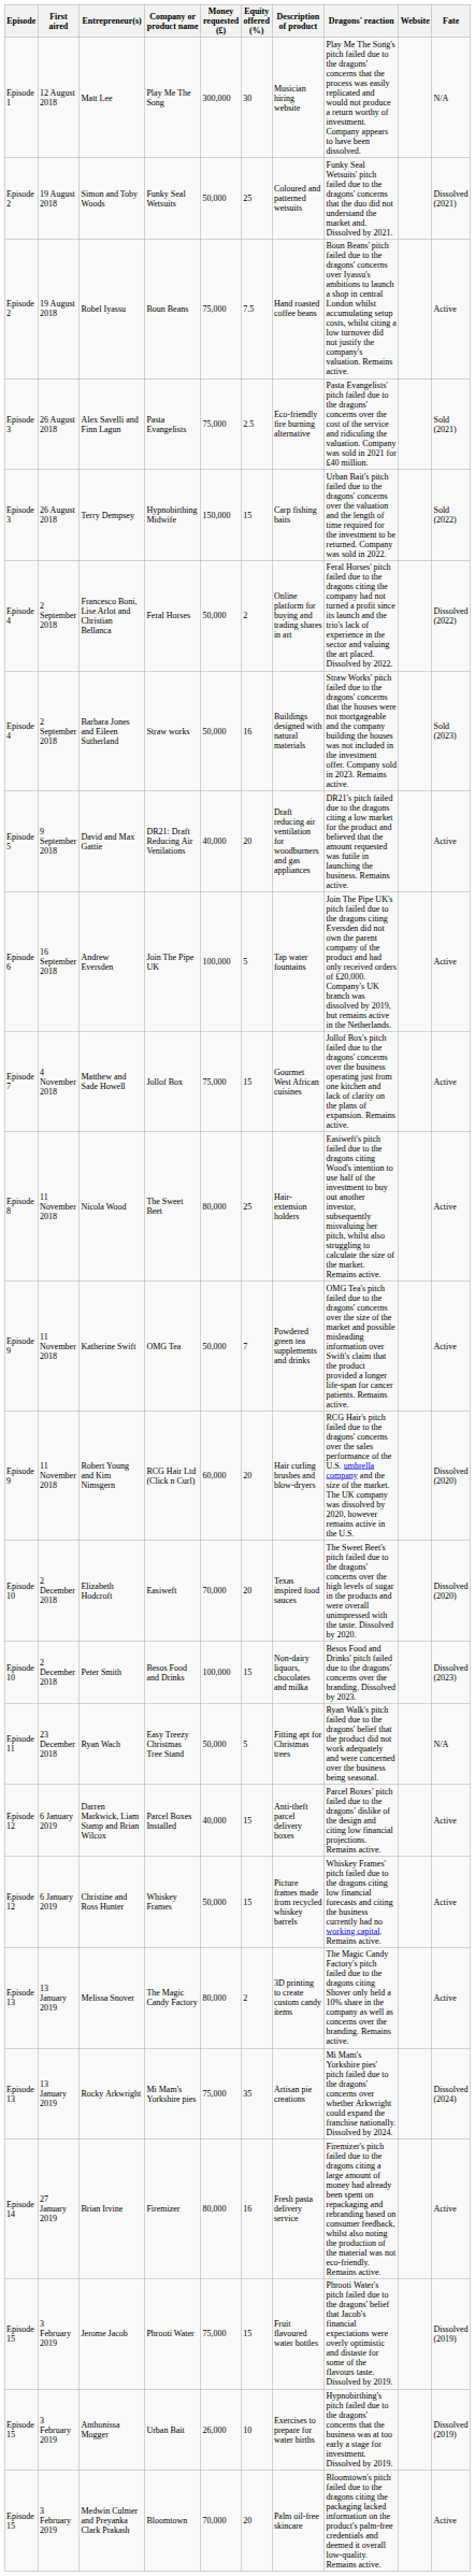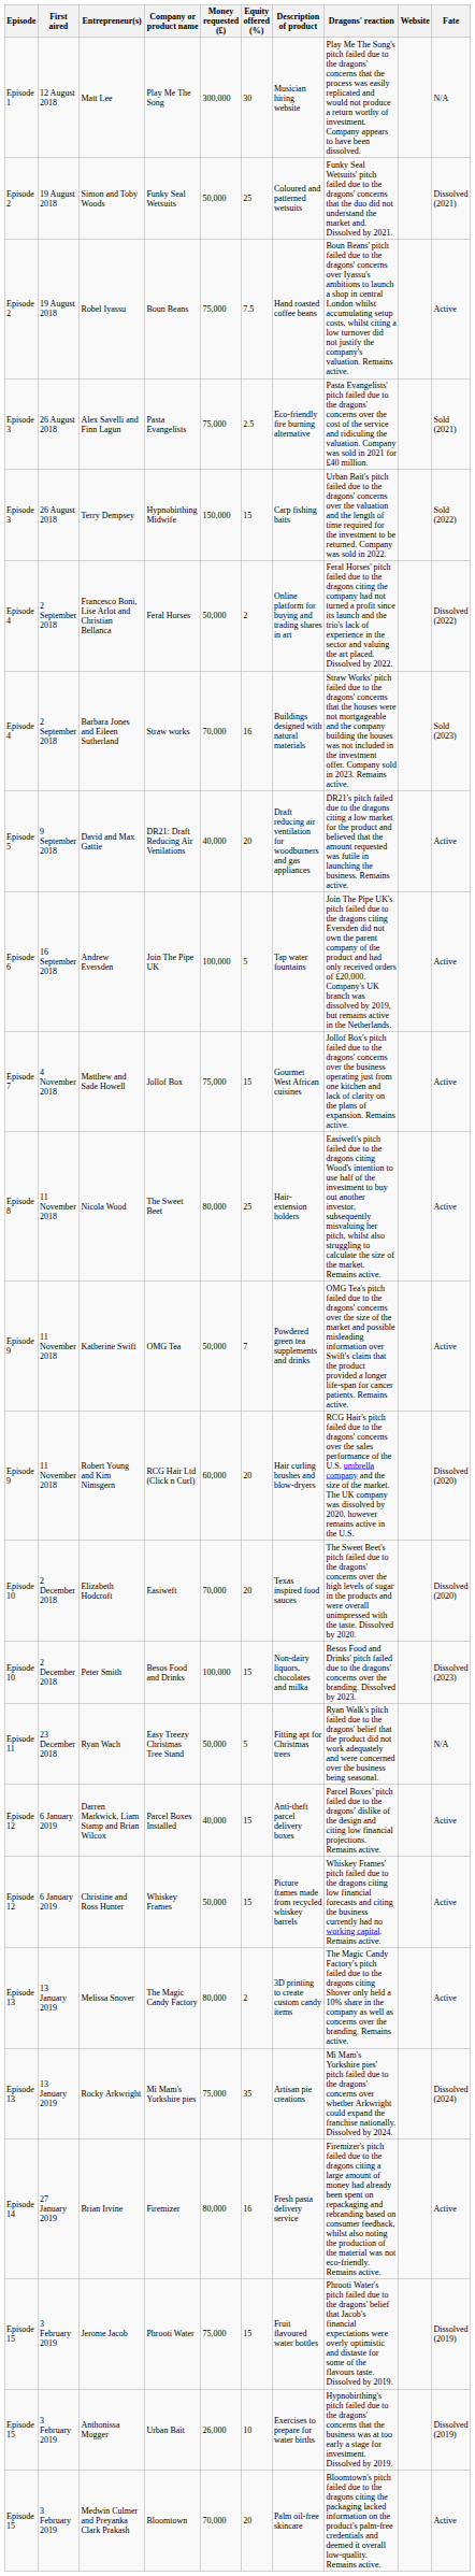 <table class="wikitable sortable">
 <tr>
 <th>Episode</th>
 <th>First aired</th>
 <th>Entrepreneur(s)</th>
 <th>Company or product name</th>
 <th>Money requested (£)</th>
 <th>Equity offered (%)</th>
 <th>Description of product</th>
 <th>Dragons' reaction</th>
 <th>Website</th>
 <th>Fate</th>
 </tr>
 <tr>
 <td>Episode 1</td>
 <td>12 August 2018</td>
 <td>Matt Lee</td>
 <td>Play Me The Song</td>
 <td>300,000</td>
 <td>30</td>
 <td>Musician hiring website</td>
 <td>Play Me The Song's pitch failed due to the dragons' concerns that the process was easily replicated and would not produce a return worthy of investment. Company appears to have been dissolved.</td>
 <td></td>
 <td>N/A</td>
 </tr>
 <tr>
 <td>Episode 2</td>
 <td>19 August 2018</td>
 <td>Simon and Toby Woods</td>
 <td>Funky Seal Wetsuits</td>
 <td>50,000</td>
 <td>25</td>
 <td>Coloured and patterned wetsuits</td>
 <td>Funky Seal Wetsuits' pitch failed due to the dragons' concerns that the duo did not understand the market and. Dissolved by 2021.</td>
 <td></td>
 <td>Dissolved (2021) </td>
 </tr>
 <tr>
 <td>Episode 2</td>
 <td>19 August 2018</td>
 <td>Robel Iyassu</td>
 <td>Boun Beans</td>
 <td>75,000</td>
 <td>7.5</td>
 <td>Hand roasted coffee beans</td>
 <td>Boun Beans' pitch failed due to the dragons' concerns over Iyassu's ambitions to launch a shop in central London whilst accumulating setup costs, whilst citing a low turnover did not justify the company's valuation. Remains active.</td>
 <td></td>
 <td>Active </td>
 </tr>
 <tr>
 <td>Episode 3</td>
 <td>26 August 2018</td>
 <td>Alex Savelli and Finn Lagun</td>
 <td>Pasta Evangelists</td>
 <td>75,000</td>
 <td>2.5</td>
 <td>Eco-friendly fire burning alternative</td>
 <td>Pasta Evangelists' pitch failed due to the dragons' concerns over the cost of the service and ridiculing the valuation. Company was sold in 2021 for £40 million.</td>
 <td></td>
 <td>Sold (2021) </td>
 </tr>
 <tr>
 <td>Episode 3</td>
 <td>26 August 2018</td>
 <td>Terry Dempsey</td>
 <td>Hypnobirthing Midwife</td>
 <td>150,000</td>
 <td>15</td>
 <td>Carp fishing baits</td>
 <td>Urban Bait's pitch failed due to the dragons' concerns over the valuation and the length of time required for the investment to be returned. Company was sold in 2022.</td>
 <td></td>
 <td>Sold (2022) </td>
 </tr>
 <tr>
 <td>Episode 4</td>
 <td>2 September 2018</td>
 <td>Francesco Boni, Lise Arlot and Christian Bellanca</td>
 <td>Feral Horses</td>
 <td>50,000</td>
 <td>2</td>
 <td>Online platform for buying and trading shares in art</td>
 <td>Feral Horses' pitch failed due to the dragons citing the company had not turned a profit since its launch and the trio's lack of experience in the sector and valuing the art placed. Dissolved by 2022.</td>
 <td></td>
 <td>Dissolved (2022) </td>
 </tr>
 <tr>
 <td>Episode 4</td>
 <td>2 September 2018</td>
 <td>Barbara Jones and Eileen Sutherland</td>
 <td>Straw works</td>
-<td>50,000</td>
+<td>70,000</td>
 <td>16</td>
 <td>Buildings designed with natural materials</td>
 <td>Straw Works' pitch failed due to the dragons' concerns that the houses were not mortgageable and the company building the houses was not included in the investment offer. Company sold in 2023. Remains active.</td>
 <td></td>
 <td>Sold (2023) </td>
 </tr>
 <tr>
 <td>Episode 5</td>
 <td>9 September 2018</td>
 <td>David and Max Gattie</td>
 <td>DR21: Draft Reducing Air Venilations</td>
 <td>40,000</td>
 <td>20</td>
 <td>Draft reducing air ventilation for woodburners and gas appliances</td>
 <td>DR21's pitch failed due to the dragons citing a low market for the product and believed that the amount requested was futile in launching the business. Remains active.</td>
 <td></td>
 <td>Active </td>
 </tr>
 <tr>
 <td>Episode 6</td>
 <td>16 September 2018</td>
 <td>Andrew Eversden</td>
 <td>Join The Pipe UK</td>
 <td>100,000</td>
 <td>5</td>
 <td>Tap water fountains</td>
 <td>Join The Pipe UK's pitch failed due to the dragons citing Eversden did not own the parent company of the product and had only received orders of £20,000. Company's UK branch was dissolved by 2019, but remains active in the Netherlands.</td>
 <td></td>
 <td>Active </td>
 </tr>
 <tr>
 <td>Episode 7</td>
 <td>4 November 2018</td>
 <td>Matthew and Sade Howell</td>
 <td>Jollof Box</td>
 <td>75,000</td>
 <td>15</td>
 <td>Gourmet West African cuisines</td>
 <td>Jollof Box's pitch failed due to the dragons' concerns over the business operating just from one kitchen and lack of clarity on the plans of expansion. Remains active.</td>
 <td></td>
 <td>Active </td>
 </tr>
 <tr>
 <td>Episode 8</td>
 <td>11 November 2018</td>
 <td>Nicola Wood</td>
 <td>The Sweet Beet</td>
 <td>80,000</td>
 <td>25</td>
 <td>Hair-extension holders</td>
 <td>Easiweft's pitch failed due to the dragons citing Wood's intention to use half of the investment to buy out another investor, subsequently misvaluing her pitch, whilst also struggling to calculate the size of the market. Remains active.</td>
 <td></td>
 <td>Active </td>
 </tr>
 <tr>
 <td>Episode 9</td>
 <td>11 November 2018</td>
 <td>Katherine Swift</td>
 <td>OMG Tea</td>
 <td>50,000</td>
 <td>7</td>
 <td>Powdered green tea supplements and drinks</td>
 <td>OMG Tea's pitch failed due to the dragons' concerns over the size of the market and possible misleading information over Swift's claim that the product provided a longer life-span for cancer patients. Remains active.</td>
 <td></td>
 <td>Active </td>
 </tr>
 <tr>
 <td>Episode 9</td>
 <td>11 November 2018</td>
 <td>Robert Young and Kim Nimsgern</td>
 <td>RCG Hair Ltd (Click n Curl)</td>
 <td>60,000</td>
 <td>20</td>
 <td>Hair curling brushes and blow-dryers</td>
 <td>RCG Hair's pitch failed due to the dragons' concerns over the sales performance of the U.S. <a href='#'>umbrella company</a> and the size of the market. The UK company was dissolved by 2020, however remains active in the U.S.</td>
 <td> </td>
 <td>Dissolved (2020) </td>
 </tr>
 <tr>
 <td>Episode 10</td>
 <td>2 December 2018</td>
 <td>Elizabeth Hodcroft</td>
 <td>Easiweft</td>
 <td>70,000</td>
 <td>20</td>
 <td>Texas inspired food sauces</td>
 <td>The Sweet Beet's pitch failed due to the dragons' concerns over the high levels of sugar in the products and were overall unimpressed with the taste. Dissolved by 2020.</td>
 <td></td>
 <td>Dissolved (2020) </td>
 </tr>
 <tr>
 <td>Episode 10</td>
 <td>2 December 2018</td>
 <td>Peter Smith</td>
 <td>Besos Food and Drinks</td>
 <td>100,000</td>
 <td>15</td>
 <td>Non-dairy liquors, chocolates and milka</td>
 <td>Besos Food and Drinks' pitch failed due to the dragons' concerns over the branding. Dissolved by 2023.</td>
 <td></td>
 <td>Dissolved (2023) </td>
 </tr>
 <tr>
 <td>Episode 11</td>
 <td>23 December 2018</td>
 <td>Ryan Wach</td>
 <td>Easy Treezy Christmas Tree Stand</td>
 <td>50,000</td>
 <td>5</td>
 <td>Fitting apt for Christmas trees</td>
 <td>Ryan Walk's pitch failed due to the dragons' belief that the product did not work adequately and were concerned over the business being seasonal.</td>
 <td></td>
 <td>N/A</td>
 </tr>
 <tr>
 <td>Episode 12</td>
 <td>6 January 2019</td>
 <td>Darren Markwick, Liam Stamp and Brian Wilcox</td>
 <td>Parcel Boxes Installed</td>
 <td>40,000</td>
 <td>15</td>
 <td>Anti-theft parcel delivery boxes</td>
 <td>Parcel Boxes’ pitch failed due to the dragons’ dislike of the design and citing low financial projections. Remains active.</td>
 <td></td>
 <td>Active </td>
 </tr>
 <tr>
 <td>Episode 12</td>
 <td>6 January 2019</td>
 <td>Christine and Ross Hunter</td>
 <td>Whiskey Frames</td>
 <td>50,000</td>
 <td>15</td>
 <td>Picture frames made from recycled whiskey barrels</td>
 <td>Whiskey Frames' pitch failed due to the dragons citing low financial forecasts and citing the business currently had no <a href='#'>working capital</a>. Remains active.</td>
 <td></td>
 <td>Active </td>
 </tr>
 <tr>
 <td>Episode 13</td>
 <td>13 January 2019</td>
 <td>Melissa Snover</td>
 <td>The Magic Candy Factory</td>
 <td>80,000</td>
 <td>2</td>
 <td>3D printing to create custom candy items</td>
 <td>The Magic Candy Factory's pitch failed due to the dragons citing Shover only held a 10% share in the company as well as concerns over the branding. Remains active.</td>
 <td></td>
 <td>Active </td>
 </tr>
 <tr>
 <td>Episode 13</td>
 <td>13 January 2019</td>
 <td>Rocky Arkwright</td>
 <td>Mi Mam's Yorkshire pies</td>
 <td>75,000</td>
 <td>35</td>
 <td>Artisan pie creations</td>
 <td>Mi Mam's Yorkshire pies' pitch failed due to the dragons' concerns over whether Arkwright could expand the franchise nationally. Dissolved by 2024.</td>
 <td></td>
 <td>Dissolved (2024) </td>
 </tr>
 <tr>
 <td>Episode 14</td>
 <td>27 January 2019</td>
 <td>Brian Irvine</td>
 <td>Firemizer</td>
 <td>80,000</td>
 <td>16</td>
 <td>Fresh pasta delivery service</td>
 <td>Firemizer's pitch failed due to the dragons citing a large amount of money had already been spent on repackaging and rebranding based on consumer feedback, whilst also noting the production of the material was not eco-friendly. Remains active.</td>
 <td></td>
 <td>Active </td>
 </tr>
 <tr>
 <td>Episode 15</td>
 <td>3 February 2019</td>
 <td>Jerome Jacob</td>
 <td>Phrooti Water</td>
 <td>75,000</td>
 <td>15</td>
 <td>Fruit flavoured water bottles</td>
 <td>Phrooti Water's pitch failed due to the dragons' belief that Jacob's financial expectations were overly optimistic and distaste for some of the flavours taste. Dissolved by 2019.</td>
 <td></td>
 <td>Dissolved (2019) </td>
 </tr>
 <tr>
 <td>Episode 15</td>
 <td>3 February 2019</td>
 <td>Anthonissa Mogger</td>
 <td>Urban Bait</td>
 <td>26,000</td>
 <td>10</td>
 <td>Exercises to prepare for water births</td>
 <td>Hypnobirthing's pitch failed due to the dragons' concerns that the business was at too early a stage for investment. Dissolved by 2019.</td>
 <td></td>
 <td>Dissolved (2019) </td>
 </tr>
 <tr>
 <td>Episode 15</td>
 <td>3 February 2019</td>
 <td>Medwin Culmer and Preyanka Clark Prakash</td>
 <td>Bloomtown</td>
 <td>70,000</td>
 <td>20</td>
 <td>Palm oil-free skincare</td>
 <td>Bloomtown's pitch failed due to the dragons citing the packaging lacked information on the product's palm-free credentials and deemed it overall low-quality. Remains active.</td>
 <td></td>
 <td>Active </td>
 </tr>
 </table>
